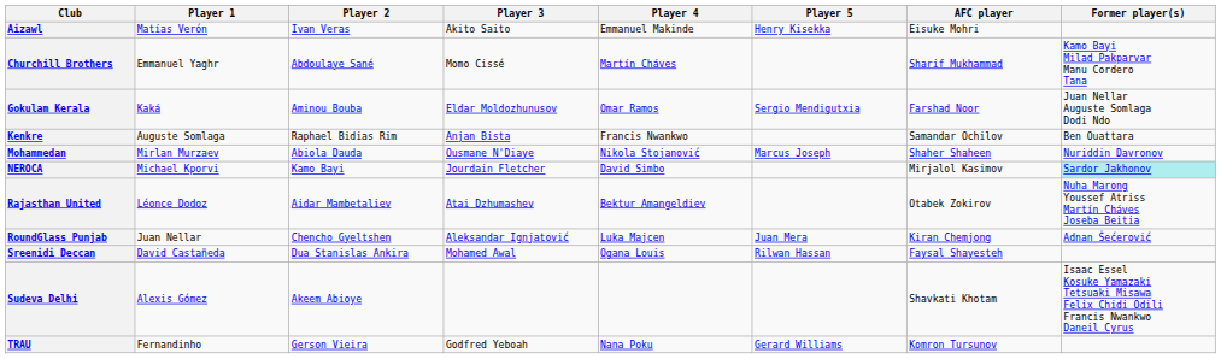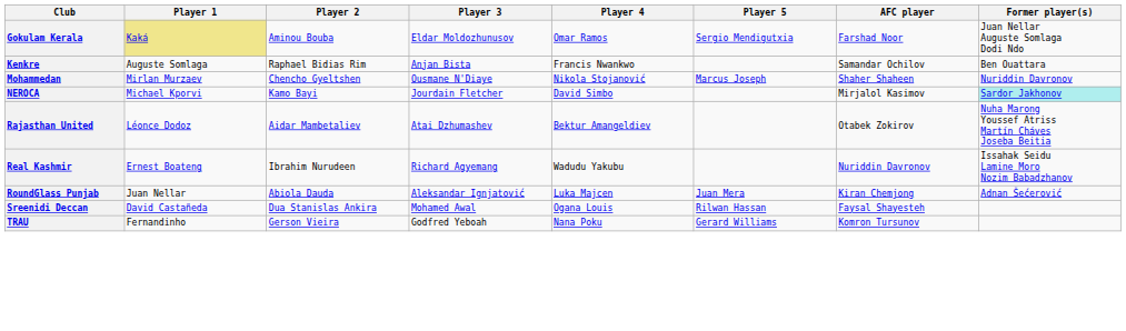 <table class="sortable wikitable" style="text-align: left; font-size:90%">
 <tr>
 <th scope=col style="width:150px;">Club</th>
 <th scope=col style="width:180px;">Player 1</th>
 <th scope=col style="width:180px;">Player 2</th>
 <th scope=col style="width:180px;">Player 3</th>
 <th scope=col style="width:180px;">Player 4</th>
 <th scope=col style="width:180px;">Player 5</th>
 <th scope=col style="width:180px;">AFC player</th>
 <th scope=col style="width:180px;">Former player(s)</th>
 </tr>
 <tr>
-<th scope=row style="text-align: left;"><a href='#'>Aizawl</a></th>
-<td> <a href='#'>Matías Verón</a></td>
-<td> <a href='#'>Ivan Veras</a></td>
-<td> Akito Saito</td>
-<td> Emmanuel Makinde</td>
-<td> <a href='#'>Henry Kisekka</a></td>
-<td> Eisuke Mohri</td>
-<td></td>
-</tr>
-<tr>
-<th scope=row style="text-align: left;"><a href='#'>Churchill Brothers</a></th>
-<td> Emmanuel Yaghr</td>
-<td> <a href='#'>Abdoulaye Sané</a></td>
-<td> Momo Cissé</td>
-<td> <a href='#'>Martín Cháves</a></td>
-<td></td>
-<td> <a href='#'>Sharif Mukhammad</a></td>
-<td> <a href='#'>Kamo Bayi</a> <br> <a href='#'>Milad Pakparvar</a> <br> Manu Cordero <br> <a href='#'>Tana</a></td>
-</tr>
-<tr>
 <th scope=row style="text-align: left;"><a href='#'>Gokulam Kerala</a></th>
-<td> <a href='#'>Kaká</a></td>
+<td style="background: khaki;"> <a href='#'>Kaká</a></td>
 <td> <a href='#'>Aminou Bouba</a></td>
 <td> <a href='#'>Eldar Moldozhunusov</a></td>
 <td> <a href='#'>Omar Ramos</a></td>
 <td> <a href='#'>Sergio Mendigutxia</a></td>
 <td> <a href='#'>Farshad Noor</a></td>
 <td> Juan Nellar <br> Auguste Somlaga <br> Dodi Ndo</td>
 </tr>
 <tr>
 <th scope=row style="text-align: left;"><a href='#'>Kenkre</a></th>
 <td> Auguste Somlaga</td>
 <td> Raphael Bidias Rim</td>
 <td> <a href='#'>Anjan Bista</a></td>
 <td> Francis Nwankwo</td>
 <td></td>
 <td> Samandar Ochilov</td>
 <td> Ben Ouattara</td>
 </tr>
 <tr>
 <th scope=row style="text-align: left;"><a href='#'>Mohammedan</a></th>
 <td> <a href='#'>Mirlan Murzaev</a></td>
-<td> <a href='#'>Abiola Dauda</a></td>
+<td> <a href='#'>Chencho Gyeltshen</a></td>
 <td> <a href='#'>Ousmane N'Diaye</a></td>
 <td> <a href='#'>Nikola Stojanović</a></td>
 <td> <a href='#'>Marcus Joseph</a></td>
 <td> <a href='#'>Shaher Shaheen</a></td>
 <td> <a href='#'>Nuriddin Davronov</a></td>
 </tr>
 <tr>
 <th scope=row style="text-align: left;"><a href='#'>NEROCA</a></th>
 <td> <a href='#'>Michael Kporvi</a></td>
 <td> <a href='#'>Kamo Bayi</a></td>
 <td> <a href='#'>Jourdain Fletcher</a></td>
 <td> <a href='#'>David Simbo</a></td>
 <td></td>
 <td> Mirjalol Kasimov</td>
 <td style="background: paleturquoise;"> <a href='#'>Sardor Jakhonov</a></td>
 </tr>
 <tr>
 <th scope=row style="text-align: left;"><a href='#'>Rajasthan United</a></th>
 <td> <a href='#'>Léonce Dodoz</a></td>
 <td> <a href='#'>Aidar Mambetaliev</a></td>
 <td> <a href='#'>Atai Dzhumashev</a></td>
 <td> <a href='#'>Bektur Amangeldiev</a></td>
 <td></td>
 <td> Otabek Zokirov</td>
 <td> <a href='#'>Nuha Marong</a> <br> Youssef Atriss <br> <a href='#'>Martín Cháves</a> <br> <a href='#'>Joseba Beitia</a></td>
 </tr>
 <tr>
+<th scope=row style="text-align: left;"><a href='#'>Real Kashmir</a></th>
+<td> <a href='#'>Ernest Boateng</a></td>
+<td> Ibrahim Nurudeen</td>
+<td> <a href='#'>Richard Agyemang</a></td>
+<td> Wadudu Yakubu</td>
+<td></td>
+<td> <a href='#'>Nuriddin Davronov</a></td>
+<td> Issahak Seidu <br> <a href='#'>Lamine Moro</a> <br> <a href='#'>Nozim Babadzhanov</a></td>
+</tr>
+<tr>
 <th scope=row style="text-align: left;"><a href='#'>RoundGlass Punjab</a></th>
 <td> Juan Nellar</td>
-<td> <a href='#'>Chencho Gyeltshen</a></td>
+<td> <a href='#'>Abiola Dauda</a></td>
 <td> <a href='#'>Aleksandar Ignjatović</a></td>
 <td> <a href='#'>Luka Majcen</a></td>
 <td> <a href='#'>Juan Mera</a></td>
 <td> <a href='#'>Kiran Chemjong</a></td>
 <td> <a href='#'>Adnan Šećerović</a></td>
 </tr>
 <tr>
 <th scope=row style="text-align: left;"><a href='#'>Sreenidi Deccan</a></th>
 <td> <a href='#'>David Castañeda</a></td>
 <td> <a href='#'>Dua Stanislas Ankira</a></td>
 <td> <a href='#'>Mohamed Awal</a></td>
 <td> <a href='#'>Ogana Louis</a></td>
 <td> <a href='#'>Rilwan Hassan</a></td>
 <td> <a href='#'>Faysal Shayesteh</a></td>
 <td></td>
 </tr>
 <tr>
-<th scope=row style="text-align: left;"><a href='#'>Sudeva Delhi</a></th>
-<td> <a href='#'>Alexis Gómez</a></td>
-<td> <a href='#'>Akeem Abioye</a></td>
-<td></td>
-<td></td>
-<td></td>
-<td> Shavkati Khotam</td>
-<td> Isaac Essel <br> <a href='#'>Kosuke Yamazaki</a> <br>  <a href='#'>Tetsuaki Misawa</a> <br>  <a href='#'>Felix Chidi Odili</a> <br> Francis Nwankwo <br> <a href='#'>Daneil Cyrus</a></td>
-</tr>
-<tr>
 <th scope=row style="text-align: left;"><a href='#'>TRAU</a></th>
 <td> Fernandinho</td>
 <td> <a href='#'>Gerson Vieira</a></td>
 <td> Godfred Yeboah</td>
 <td> <a href='#'>Nana Poku</a></td>
 <td> <a href='#'>Gerard Williams</a></td>
 <td> <a href='#'>Komron Tursunov</a></td>
 <td></td>
 </tr>
 </table>
